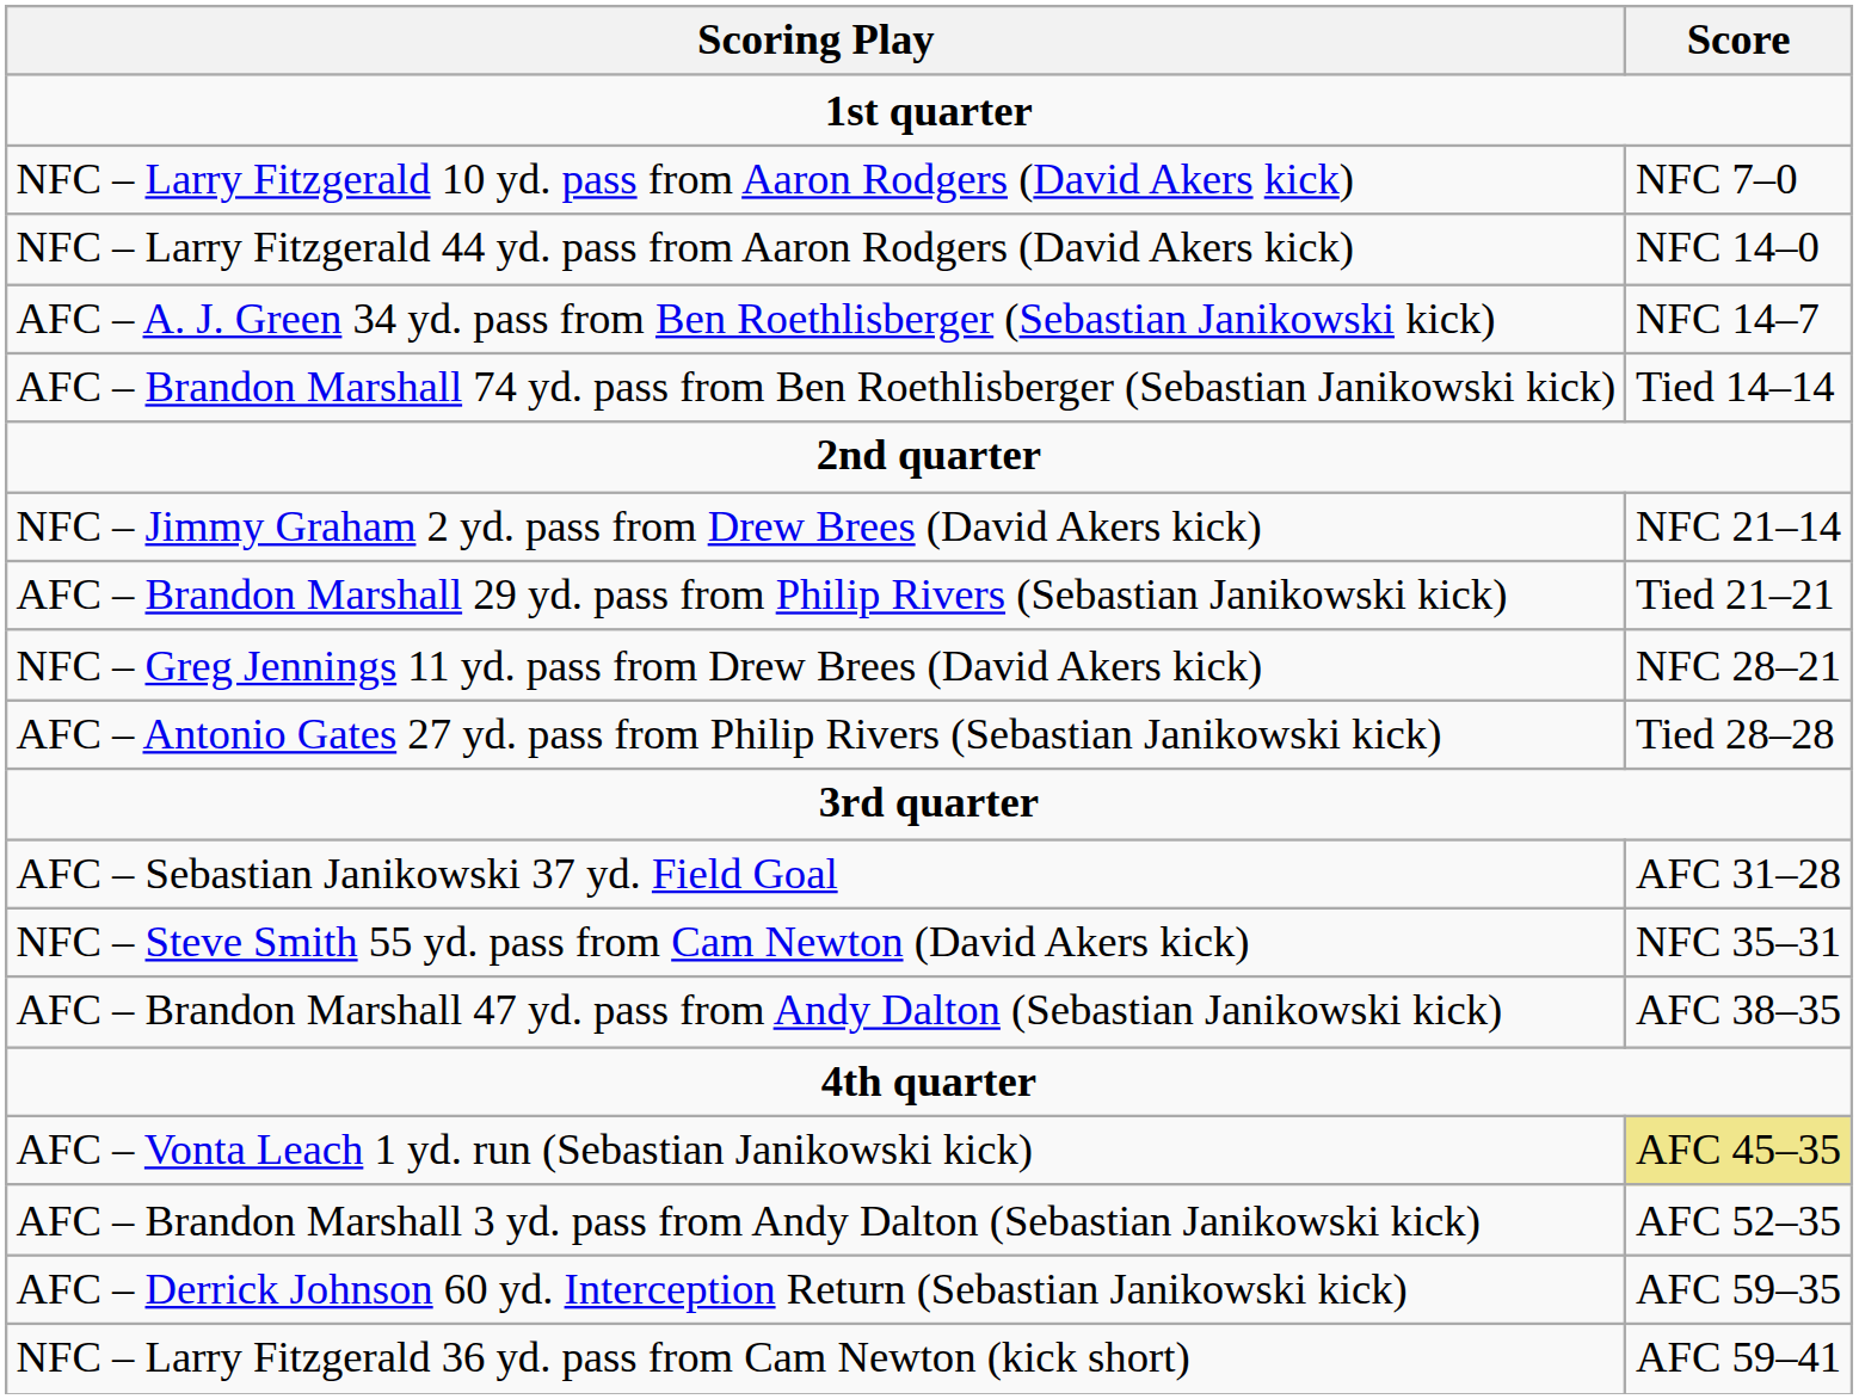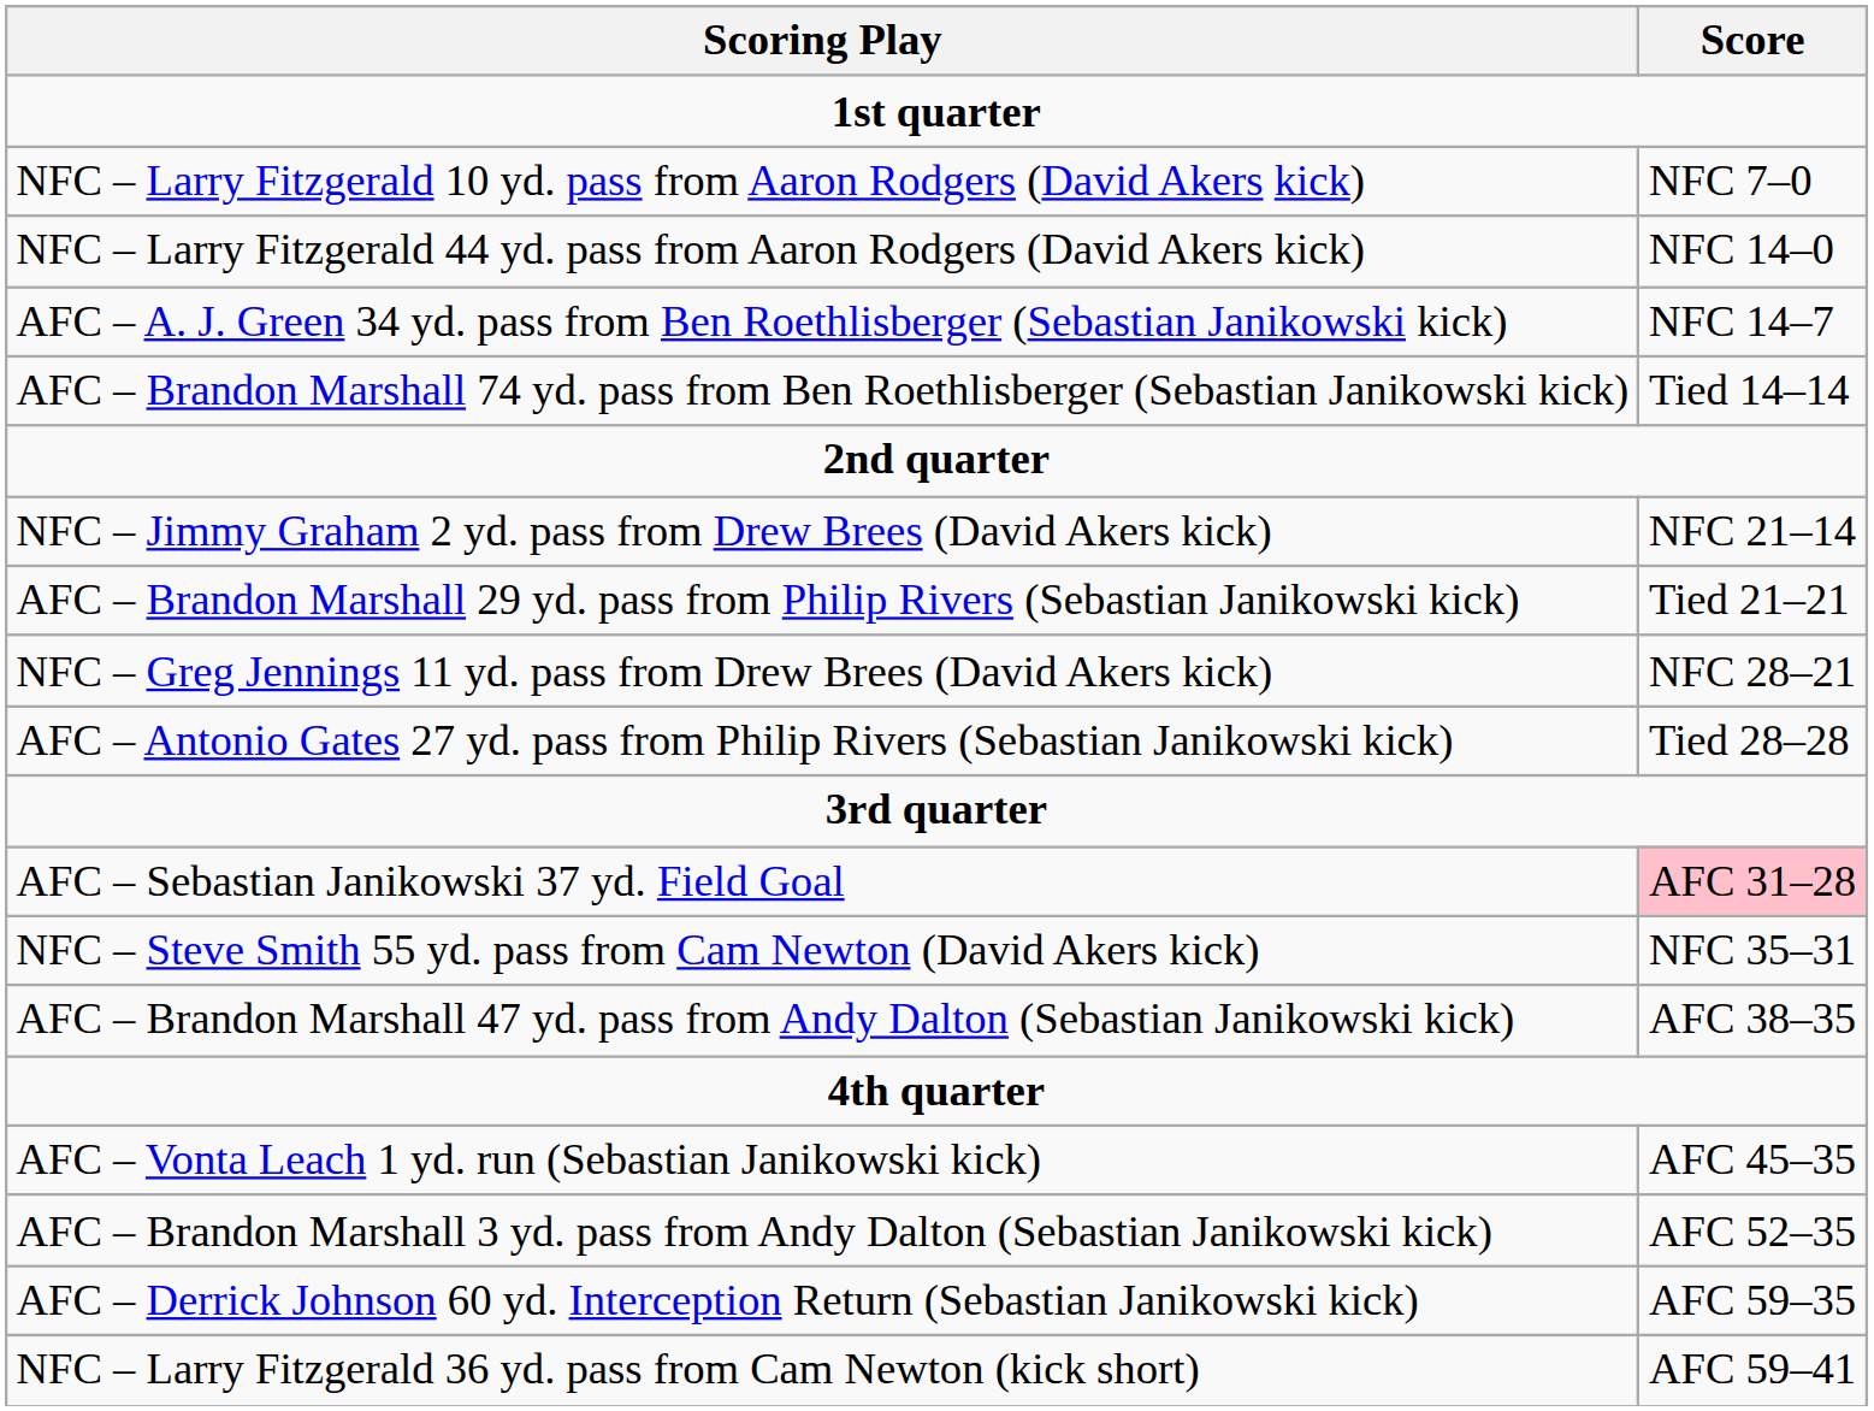 <table class="wikitable">
 <tr>
 <th>Scoring Play</th>
 <th>Score</th>
 </tr>
 <tr>
 <td colspan="4" align="center"><strong>1st quarter</strong></td>
 </tr>
 <tr>
 <td>NFC – <a href='#'>Larry Fitzgerald</a> 10 yd. <a href='#'>pass</a> from <a href='#'>Aaron Rodgers</a> (<a href='#'>David Akers</a> <a href='#'>kick</a>)</td>
 <td>NFC 7–0</td>
 </tr>
 <tr>
 <td>NFC – Larry Fitzgerald 44 yd. pass from Aaron Rodgers (David Akers kick)</td>
 <td>NFC 14–0</td>
 </tr>
 <tr>
 <td>AFC – <a href='#'>A. J. Green</a> 34 yd. pass from <a href='#'>Ben Roethlisberger</a> (<a href='#'>Sebastian Janikowski</a> kick)</td>
 <td>NFC 14–7</td>
 </tr>
 <tr>
 <td>AFC – <a href='#'>Brandon Marshall</a> 74 yd. pass from Ben Roethlisberger (Sebastian Janikowski kick)</td>
 <td>Tied 14–14</td>
 </tr>
 <tr>
 <td colspan="4" align="center"><strong>2nd quarter</strong></td>
 </tr>
 <tr>
 <td>NFC – <a href='#'>Jimmy Graham</a> 2 yd. pass from <a href='#'>Drew Brees</a> (David Akers kick)</td>
 <td>NFC 21–14</td>
 </tr>
 <tr>
 <td>AFC – <a href='#'>Brandon Marshall</a> 29 yd. pass from <a href='#'>Philip Rivers</a> (Sebastian Janikowski kick)</td>
 <td>Tied 21–21</td>
 </tr>
 <tr>
 <td>NFC – <a href='#'>Greg Jennings</a> 11 yd. pass from Drew Brees (David Akers kick)</td>
 <td>NFC 28–21</td>
 </tr>
 <tr>
 <td>AFC – <a href='#'>Antonio Gates</a> 27 yd. pass from Philip Rivers (Sebastian Janikowski kick)</td>
 <td>Tied 28–28</td>
 </tr>
 <tr>
 <td colspan="4" align="center"><strong>3rd quarter</strong></td>
 </tr>
 <tr>
 <td>AFC – Sebastian Janikowski 37 yd. <a href='#'>Field Goal</a></td>
-<td>AFC 31–28</td>
+<td style="background: pink;">AFC 31–28</td>
 </tr>
 <tr>
 <td>NFC – <a href='#'>Steve Smith</a> 55 yd. pass from <a href='#'>Cam Newton</a> (David Akers kick)</td>
 <td>NFC 35–31</td>
 </tr>
 <tr>
 <td>AFC – Brandon Marshall 47 yd. pass from <a href='#'>Andy Dalton</a> (Sebastian Janikowski kick)</td>
 <td>AFC 38–35</td>
 </tr>
 <tr>
 <td colspan="4" align="center"><strong>4th quarter</strong></td>
 </tr>
 <tr>
 <td>AFC – <a href='#'>Vonta Leach</a> 1 yd. run (Sebastian Janikowski kick)</td>
-<td style="background: khaki;">AFC 45–35</td>
+<td>AFC 45–35</td>
 </tr>
 <tr>
 <td>AFC – Brandon Marshall 3 yd. pass from Andy Dalton (Sebastian Janikowski kick)</td>
 <td>AFC 52–35</td>
 </tr>
 <tr>
 <td>AFC –  <a href='#'>Derrick Johnson</a> 60 yd. <a href='#'>Interception</a> Return (Sebastian Janikowski kick)</td>
 <td>AFC 59–35</td>
 </tr>
 <tr>
 <td>NFC –  Larry Fitzgerald 36 yd. pass from Cam Newton (kick short)</td>
 <td>AFC 59–41</td>
 </tr>
 <tr>
 </tr>
 </table>
